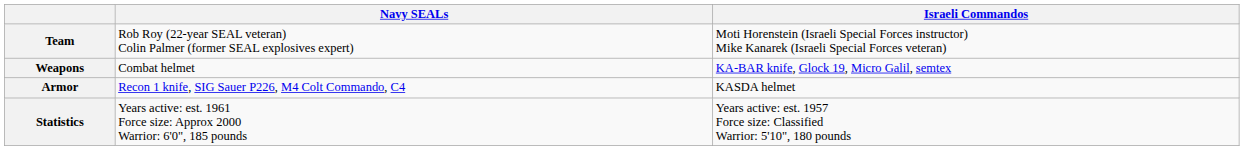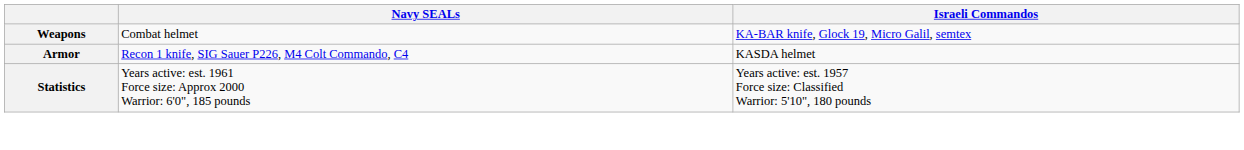 <table class="wikitable unsortable" ; style="width: 100%">
 <tr>
 <th></th>
 <th><strong><a href='#'>Navy SEALs</a></strong></th>
 <th><strong><a href='#'>Israeli Commandos</a></strong></th>
-</tr>
-<tr>
-<th>Team</th>
-<td>Rob Roy (22-year SEAL veteran)<br>Colin Palmer (former SEAL explosives expert)</td>
-<td>Moti Horenstein (Israeli Special Forces instructor)<br>Mike Kanarek (Israeli Special Forces veteran)</td>
 </tr>
 <tr>
 <th>Weapons</th>
 <td>Combat helmet</td>
 <td><a href='#'>KA-BAR knife</a>, <a href='#'>Glock 19</a>, <a href='#'>Micro Galil</a>, <a href='#'>semtex</a></td>
 </tr>
 <tr>
 <th>Armor</th>
 <td><a href='#'>Recon 1 knife</a>, <a href='#'>SIG Sauer P226</a>, <a href='#'>M4 Colt Commando</a>, <a href='#'>C4</a></td>
 <td>KASDA helmet</td>
 </tr>
 <tr>
 <th>Statistics</th>
 <td>Years active: est. 1961<br>Force size: Approx 2000<br>Warrior: 6'0", 185 pounds</td>
 <td>Years active: est. 1957<br>Force size: Classified<br>Warrior: 5'10", 180 pounds</td>
 </tr>
 </table>
